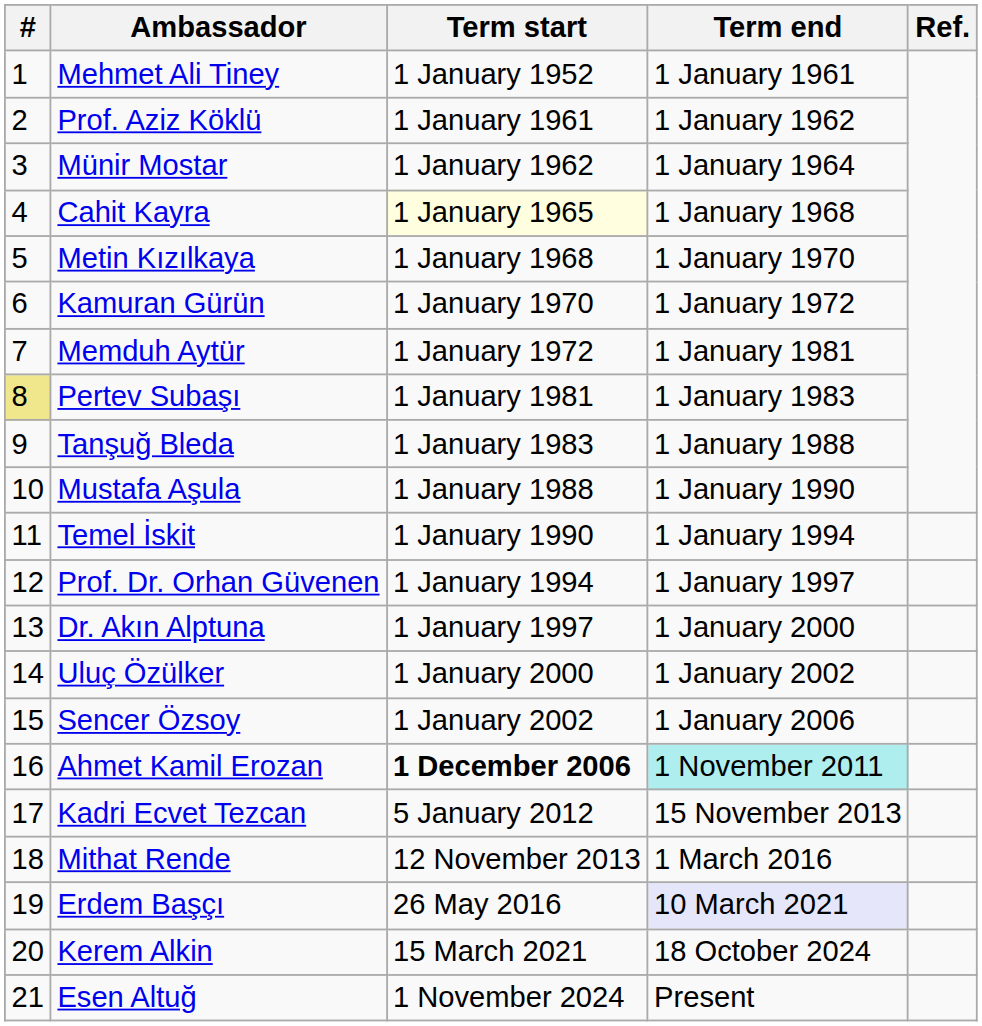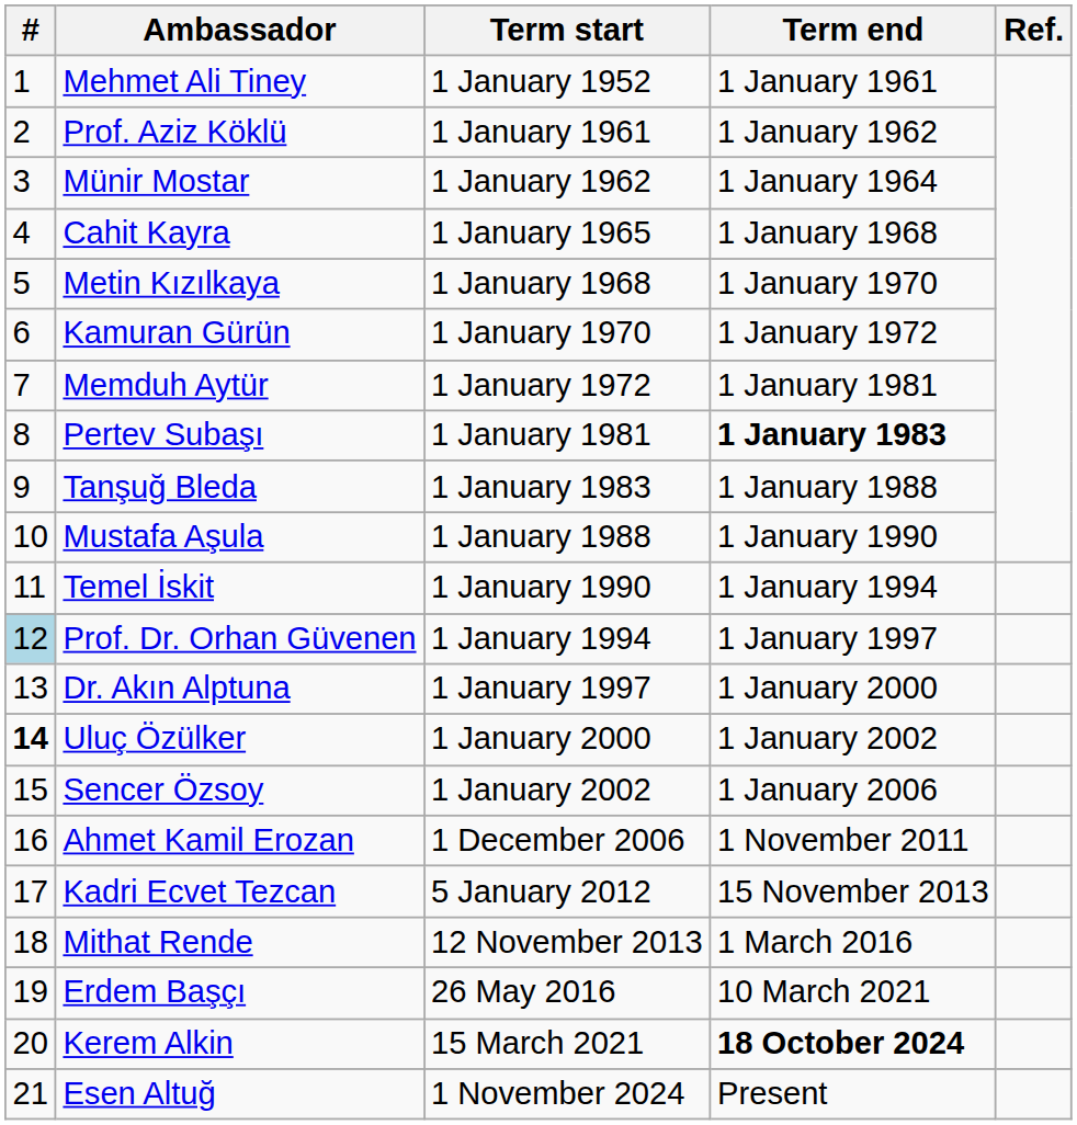 <table class="wikitable">
 <tr>
 <th>#</th>
 <th>Ambassador</th>
 <th>Term start</th>
 <th>Term end</th>
 <th>Ref.</th>
 </tr>
 <tr>
 <td>1</td>
 <td><a href='#'>Mehmet Ali Tiney</a></td>
 <td>1 January 1952</td>
 <td>1 January 1961</td>
 <td rowspan="10"></td>
 </tr>
 <tr>
 <td>2</td>
 <td><a href='#'>Prof. Aziz Köklü</a></td>
 <td>1 January 1961</td>
 <td>1 January 1962</td>
 </tr>
 <tr>
 <td>3</td>
 <td><a href='#'>Münir Mostar</a></td>
 <td>1 January 1962</td>
 <td>1 January 1964</td>
 </tr>
 <tr>
 <td>4</td>
 <td><a href='#'>Cahit Kayra</a></td>
-<td style="background: lightyellow;">1 January 1965</td>
+<td>1 January 1965</td>
 <td>1 January 1968</td>
 </tr>
 <tr>
 <td>5</td>
 <td><a href='#'>Metin Kızılkaya</a></td>
 <td>1 January 1968</td>
 <td>1 January 1970</td>
 </tr>
 <tr>
 <td>6</td>
 <td><a href='#'>Kamuran Gürün</a></td>
 <td>1 January 1970</td>
 <td>1 January 1972</td>
 </tr>
 <tr>
 <td>7</td>
 <td><a href='#'>Memduh Aytür</a></td>
 <td>1 January 1972</td>
 <td>1 January 1981</td>
 </tr>
 <tr>
-<td style="background: khaki;">8</td>
+<td>8</td>
 <td><a href='#'>Pertev Subaşı</a></td>
 <td>1 January 1981</td>
-<td>1 January 1983</td>
+<td><strong>1 January 1983</strong></td>
 </tr>
 <tr>
 <td>9</td>
 <td><a href='#'>Tanşuğ Bleda</a></td>
 <td>1 January 1983</td>
 <td>1 January 1988</td>
 </tr>
 <tr>
 <td>10</td>
 <td><a href='#'>Mustafa Aşula</a></td>
 <td>1 January 1988</td>
 <td>1 January 1990</td>
 </tr>
 <tr>
 <td>11</td>
 <td><a href='#'>Temel İskit</a></td>
 <td>1 January 1990</td>
 <td>1 January 1994</td>
 <td></td>
 </tr>
 <tr>
-<td>12</td>
+<td style="background: lightblue;">12</td>
 <td><a href='#'>Prof. Dr. Orhan Güvenen</a></td>
 <td>1 January 1994</td>
 <td>1 January 1997</td>
 <td></td>
 </tr>
 <tr>
 <td>13</td>
 <td><a href='#'>Dr. Akın Alptuna</a></td>
 <td>1 January 1997</td>
 <td>1 January 2000</td>
 <td></td>
 </tr>
 <tr>
-<td>14</td>
+<td><strong>14</strong></td>
 <td><a href='#'>Uluç Özülker</a></td>
 <td>1 January 2000</td>
 <td>1 January 2002</td>
 <td></td>
 </tr>
 <tr>
 <td>15</td>
 <td><a href='#'>Sencer Özsoy</a></td>
 <td>1 January 2002</td>
 <td>1 January 2006</td>
 <td></td>
 </tr>
 <tr>
 <td>16</td>
 <td><a href='#'>Ahmet Kamil Erozan</a></td>
-<td><strong>1 December 2006</strong></td>
-<td style="background: paleturquoise;">1 November 2011</td>
+<td>1 December 2006</td>
+<td>1 November 2011</td>
 <td></td>
 </tr>
 <tr>
 <td>17</td>
 <td><a href='#'>Kadri Ecvet Tezcan</a></td>
 <td>5 January 2012</td>
 <td>15 November 2013</td>
 <td></td>
 </tr>
 <tr>
 <td>18</td>
 <td><a href='#'>Mithat Rende</a></td>
 <td>12 November 2013</td>
 <td>1 March 2016</td>
 <td></td>
 </tr>
 <tr>
 <td>19</td>
 <td><a href='#'>Erdem Başçı</a></td>
 <td>26 May 2016</td>
-<td style="background: lavender;">10 March 2021</td>
+<td>10 March 2021</td>
 <td></td>
 </tr>
 <tr>
 <td>20</td>
 <td><a href='#'>Kerem Alkin</a></td>
 <td>15 March 2021</td>
-<td>18 October 2024</td>
+<td><strong>18 October 2024</strong></td>
 <td></td>
 </tr>
 <tr>
 <td>21</td>
 <td><a href='#'>Esen Altuğ</a></td>
 <td>1 November 2024</td>
 <td>Present</td>
 <td></td>
 </tr>
 </table>
